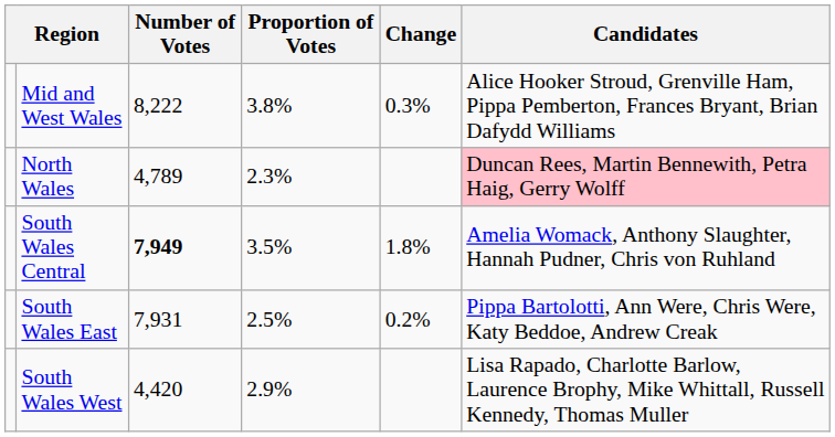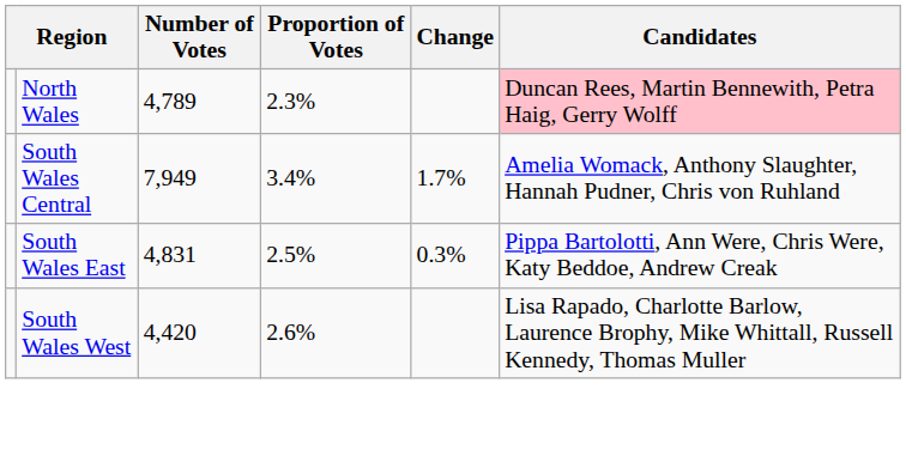 <table class="wikitable">
 <tr>
 <th colspan="2">Region</th>
 <th>Number of Votes</th>
 <th>Proportion of Votes</th>
 <th>Change</th>
 <th>Candidates</th>
-</tr>
-<tr>
-<td width="1" style="color:inherit;background:"></td>
-<td><a href='#'>Mid and West Wales</a></td>
-<td>8,222</td>
-<td>3.8%</td>
-<td>0.3%</td>
-<td>Alice Hooker Stroud, Grenville Ham, Pippa Pemberton, Frances Bryant, Brian Dafydd Williams</td>
 </tr>
 <tr>
 <td style="color:inherit;background:"></td>
 <td><a href='#'>North Wales</a></td>
 <td>4,789</td>
 <td>2.3%</td>
 <td></td>
 <td style="background: pink;">Duncan Rees, Martin Bennewith, Petra Haig, Gerry Wolff</td>
 </tr>
 <tr>
 <td style="color:inherit;background:"></td>
 <td><a href='#'>South Wales Central</a></td>
-<td><strong>7,949</strong></td>
-<td>3.5%</td>
-<td>1.8%</td>
+<td>7,949</td>
+<td>3.4%</td>
+<td>1.7%</td>
 <td><a href='#'>Amelia Womack</a>, Anthony Slaughter, Hannah Pudner, Chris von Ruhland</td>
 </tr>
 <tr>
 <td style="color:inherit;background:"></td>
 <td><a href='#'>South Wales East</a></td>
-<td>7,931</td>
+<td>4,831</td>
 <td>2.5%</td>
-<td>0.2%</td>
+<td>0.3%</td>
 <td><a href='#'>Pippa Bartolotti</a>, Ann Were, Chris Were, Katy Beddoe, Andrew Creak</td>
 </tr>
 <tr>
 <td style="color:inherit;background:"></td>
 <td><a href='#'>South Wales West</a></td>
 <td>4,420</td>
-<td>2.9%</td>
+<td>2.6%</td>
 <td></td>
 <td>Lisa Rapado, Charlotte Barlow, Laurence Brophy, Mike Whittall, Russell Kennedy, Thomas Muller</td>
 </tr>
 </table>
